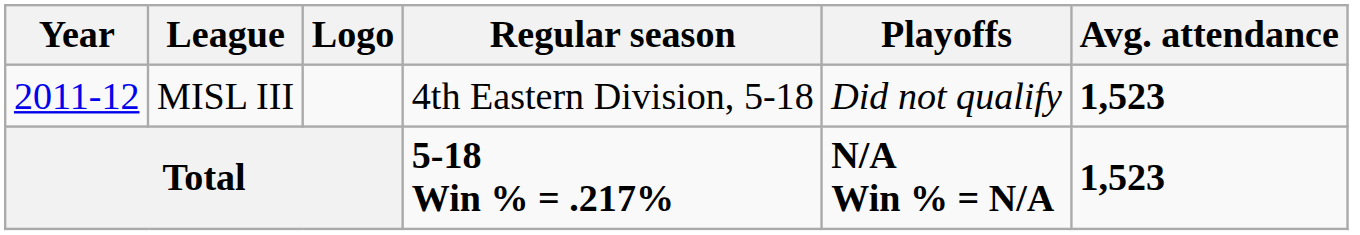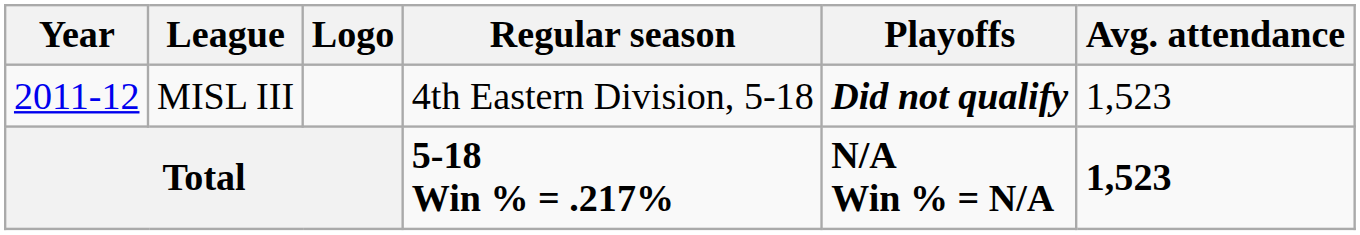 <table class="wikitable">
 <tr>
 <th>Year</th>
 <th>League</th>
 <th>Logo</th>
 <th>Regular season</th>
 <th>Playoffs</th>
 <th>Avg. attendance</th>
 </tr>
 <tr>
 <td><a href='#'>2011-12</a></td>
 <td>MISL III</td>
 <td></td>
 <td>4th Eastern Division, 5-18</td>
-<td><em>Did not qualify</em></td>
-<td><strong>1,523</strong></td>
+<td><strong><em>Did not qualify</em></strong></td>
+<td>1,523</td>
 </tr>
 <tr>
 <th align="center" rowSpan="1" colSpan="3">Total</th>
 <td><strong>5-18</strong> <br> <strong>Win % = .217%</strong></td>
 <td><strong>N/A</strong> <br> <strong>Win % = N/A</strong></td>
 <td><strong>1,523</strong></td>
 </tr>
 </table>
